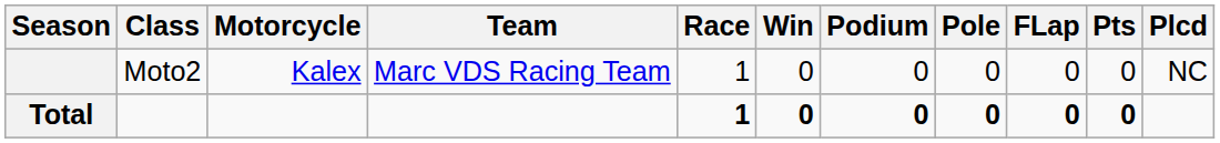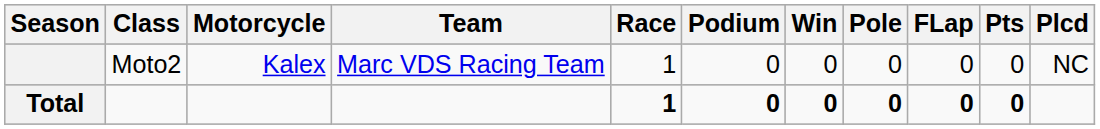 <table class="wikitable" style=text-align:right>
 <tr>
 <th>Season</th>
 <th>Class</th>
 <th>Motorcycle</th>
 <th>Team</th>
 <th>Race</th>
+<th>Podium</th>
 <th>Win</th>
-<th>Podium</th>
 <th>Pole</th>
 <th>FLap</th>
 <th>Pts</th>
 <th>Plcd</th>
 </tr>
 <tr>
 <th></th>
 <td>Moto2</td>
 <td><a href='#'>Kalex</a></td>
 <td><a href='#'>Marc VDS Racing Team</a></td>
 <td>1</td>
 <td>0</td>
 <td>0</td>
 <td>0</td>
 <td>0</td>
 <td>0</td>
 <td>NC</td>
 </tr>
 <tr>
 <th>Total</th>
 <td></td>
 <td></td>
 <td></td>
 <td><strong>1</strong></td>
 <td><strong>0</strong></td>
 <td><strong>0</strong></td>
 <td><strong>0</strong></td>
 <td><strong>0</strong></td>
 <td><strong>0</strong></td>
 <td></td>
 </tr>
 </table>
